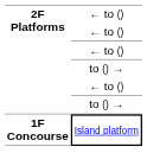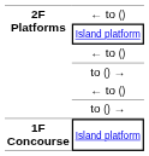 <table table border=0 cellspacing=0 cellpadding=3>
 <tr>
 <td style="border-bottom:solid 1px gray; border-top:solid 1px gray;text-align:center" rowspan="6" valign=top width=50><strong>2F<br>Platforms</strong></td>
 <td style="border-bottom:solid 0px gray; border-top:solid 1px gray;text-align:center">←  to  <small>()</small></td>
 </tr>
 <tr>
-<td style="border-bottom:solid 1px gray;text-align:center;">←  to  <small>()</small></td>
+<td style="border-right:solid 2px black;border-left:solid 2px black;border-top:solid 2px black;border-bottom:solid 2px black;text-align:center;"><small><a href='#'>Island platform</a></small></td>
 </tr>
 <tr>
 <td style="border-bottom:solid 1px gray;text-align:center;">←  to  <small>()</small></td>
 </tr>
 <tr>
 <td style="border-bottom:solid 0px gray;text-align:center;"> to  <small>()</small> →</td>
 </tr>
 <tr>
 <td style="border-bottom:solid 1px gray;text-align:center;">←  to  <small>()</small></td>
 </tr>
 <tr>
 <td style="border-bottom:solid 1px gray;text-align:center;"> to  <small>()</small> →</td>
 </tr>
 <tr>
 <td style="border-bottom:solid 1px gray; border-top:solid 0px gray;text-align:center" valign=top><strong>1F<br>Concourse</strong></td>
 <td style="border-right:solid 2px black;border-left:solid 2px black;border-top:solid 2px black;border-bottom:solid 2px black;text-align:center;"><small><a href='#'>Island platform</a></small></td>
 </tr>
 </table>
